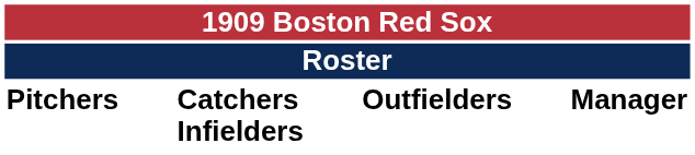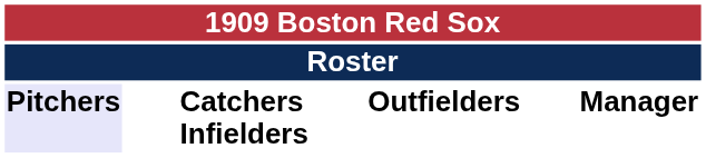 <table class="toccolours" style="text-align: left;">
 <tr>
 <th colspan="10" style="background-color: #ba313c; color: white; text-align: center;">1909 Boston Red Sox</th>
 </tr>
 <tr>
 <td colspan="10" style="background-color: #0d2b56; color: white; text-align: center;"><strong>Roster</strong></td>
 </tr>
 <tr>
-<td valign="top"><strong>Pitchers</strong><br>                 </td>
+<td valign="top" style="background: lavender;"><strong>Pitchers</strong><br>                 </td>
 <td width="25px"></td>
 <td valign="top"><strong>Catchers</strong><br>    <strong>Infielders</strong>          </td>
 <td width="25px"></td>
 <td valign="top"><strong>Outfielders</strong><br>     </td>
 <td width="25px"></td>
 <td valign="top"><strong>Manager</strong><br></td>
 </tr>
 <tr>
 </tr>
 </table>
